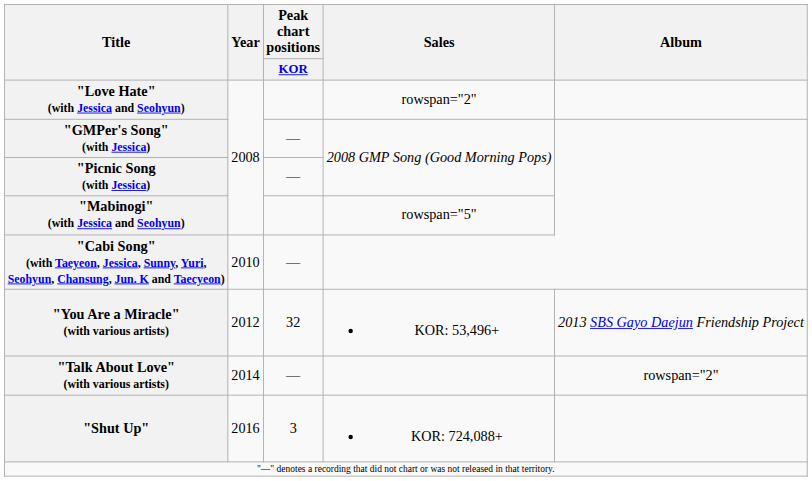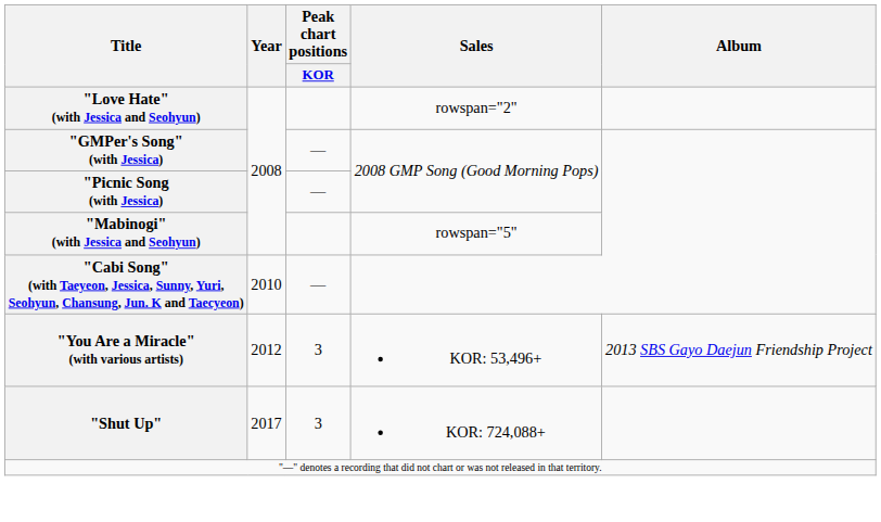 <table class="wikitable plainrowheaders" style="text-align:center;">
 <tr>
 <th rowspan=2>Title</th>
 <th rowspan=2>Year</th>
 <th>Peak chart<br>positions</th>
 <th rowspan=2>Sales<br></th>
 <th rowspan=2>Album</th>
 </tr>
 <tr>
 <th scope="col" style="width:3em;font-size:90%;"><a href='#'>KOR</a><br></th>
 </tr>
 <tr>
 <th scope=row>"Love Hate"<br><small>(with <a href='#'>Jessica</a> and <a href='#'>Seohyun</a>)</small></th>
 <td rowspan=4>2008</td>
 <td></td>
 <td>rowspan="2" </td>
 <td></td>
 </tr>
 <tr>
 <th scope=row>"GMPer's Song"<br><small>(with <a href='#'>Jessica</a>)</small></th>
 <td>—</td>
 <td rowspan="2"><em>2008 GMP Song (Good Morning Pops)</em></td>
 </tr>
 <tr>
 <th scope=row>"Picnic Song<br><small>(with <a href='#'>Jessica</a>)</small></th>
 <td>—</td>
 </tr>
 <tr>
 <th scope=row>"Mabinogi"<br><small>(with <a href='#'>Jessica</a> and <a href='#'>Seohyun</a>)</small></th>
 <td></td>
 <td>rowspan="5" </td>
 </tr>
 <tr>
 <th scope=row>"Cabi Song"<br><small>(with <a href='#'>Taeyeon</a>, <a href='#'>Jessica</a>, <a href='#'>Sunny</a>, <a href='#'>Yuri</a>,<br><a href='#'>Seohyun</a>, <a href='#'>Chansung</a>, <a href='#'>Jun. K</a> and <a href='#'>Taecyeon</a>)</small></th>
 <td>2010</td>
 <td>—</td>
 </tr>
 <tr>
 <th scope=row>"You Are a Miracle"<br><small>(with various artists)</small></th>
 <td>2012</td>
-<td>32</td>
+<td>3</td>
 <td><br><ul><li>KOR: 53,496+</li></ul></td>
 <td><em>2013 <a href='#'>SBS Gayo Daejun</a> Friendship Project</em></td>
 </tr>
 <tr>
-<th scope=row>"Talk About Love"<br><small>(with various artists)</small></th>
-<td>2014</td>
-<td>—</td>
-<td></td>
-<td>rowspan="2" </td>
-</tr>
-<tr>
 <th scope=row>"Shut Up"<br></th>
-<td>2016</td>
+<td>2017</td>
 <td>3</td>
 <td><br><ul><li>KOR: 724,088+</li></ul></td>
 </tr>
 <tr>
 <td colspan="5" style="font-size:8pt">"—" denotes a recording that did not chart or was not released in that territory.</td>
 </tr>
 </table>
